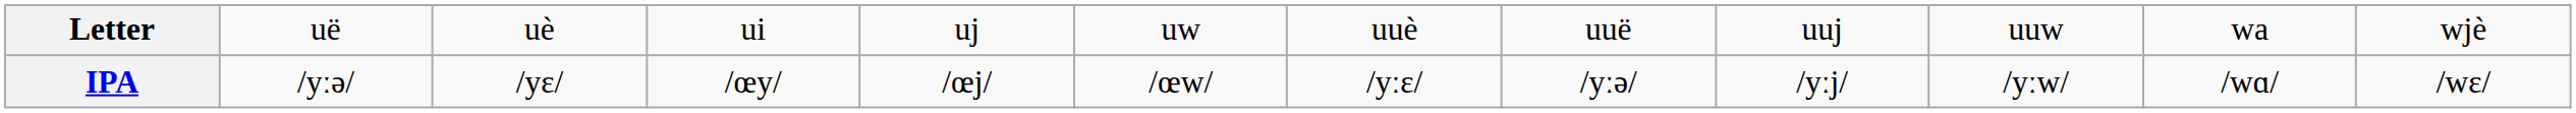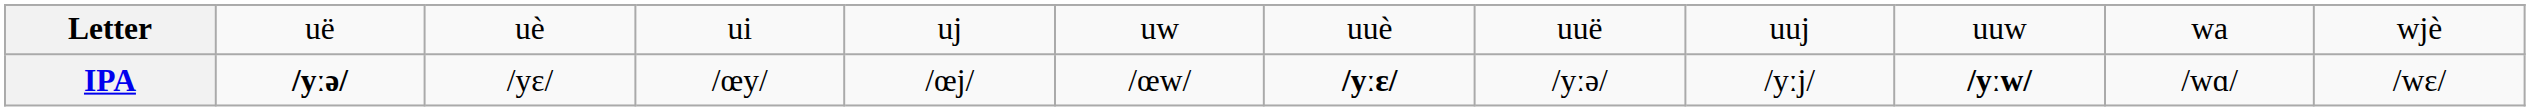 <table class="wikitable" style="table-layout: fixed; width: 80em; text-align: center;">
 <tr>
 <th><strong>Letter</strong></th>
 <td>uë</td>
 <td>uè</td>
 <td>ui</td>
 <td>uj</td>
 <td>uw</td>
 <td>uuè</td>
 <td>uuë</td>
 <td>uuj</td>
 <td>uuw</td>
 <td>wa</td>
 <td>wjè</td>
 </tr>
 <tr>
 <th><strong><a href='#'>IPA</a></strong></th>
-<td>/yːə/</td>
+<td><strong>/yːə/</strong></td>
 <td>/yɛ/</td>
 <td>/œy/</td>
 <td>/œj/</td>
 <td>/œw/</td>
-<td>/yːɛ/</td>
+<td><strong>/yːɛ/</strong></td>
 <td>/yːə/</td>
 <td>/yːj/</td>
-<td>/yːw/</td>
+<td><strong>/yːw/</strong></td>
 <td>/wɑ/</td>
 <td>/wɛ/</td>
 </tr>
 </table>
